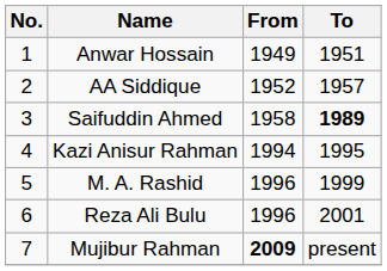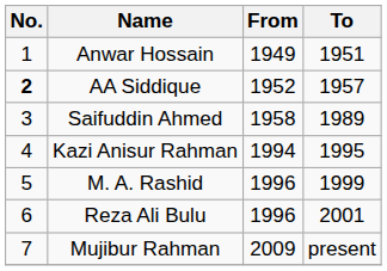 <table class="wikitable sortable">
 <tr>
 <th scope="col">No.</th>
 <th scope="col">Name</th>
 <th scope="col">From</th>
 <th scope="col">To</th>
 </tr>
 <tr>
 <td style="text-align:center">1</td>
 <td style="text-align:center">Anwar Hossain</td>
 <td style="text-align:center">1949</td>
 <td style="text-align:center">1951</td>
 </tr>
 <tr>
-<td style="text-align:center">2</td>
+<td style="text-align:center"><strong>2</strong></td>
 <td style="text-align:center">AA Siddique</td>
 <td style="text-align:center">1952</td>
 <td style="text-align:center">1957</td>
 </tr>
 <tr>
 <td style="text-align:center">3</td>
 <td style="text-align:center">Saifuddin Ahmed</td>
 <td style="text-align:center">1958</td>
-<td style="text-align:center"><strong>1989</strong></td>
+<td style="text-align:center">1989</td>
 </tr>
 <tr>
 <td style="text-align:center">4</td>
 <td style="text-align:center">Kazi Anisur Rahman</td>
 <td style="text-align:center">1994</td>
 <td style="text-align:center">1995</td>
 </tr>
 <tr>
 <td style="text-align:center">5</td>
 <td style="text-align:center">M. A. Rashid</td>
 <td style="text-align:center">1996</td>
 <td style="text-align:center">1999</td>
 </tr>
 <tr>
 <td style="text-align:center">6</td>
 <td style="text-align:center">Reza Ali Bulu</td>
 <td style="text-align:center">1996</td>
 <td style="text-align:center">2001</td>
 </tr>
 <tr>
 <td style="text-align:center">7</td>
 <td style="text-align:center">Mujibur Rahman</td>
-<td style="text-align:center"><strong>2009</strong></td>
+<td style="text-align:center">2009</td>
 <td style="text-align:center">present</td>
 </tr>
 <tr>
 </tr>
 </table>
